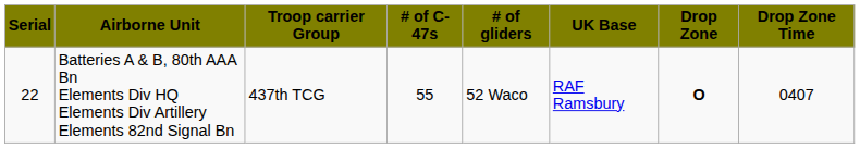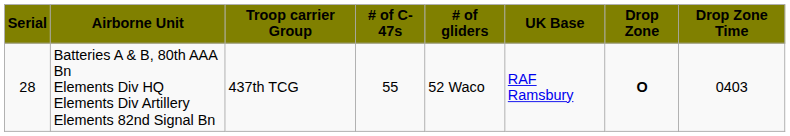 <table class="wikitable">
 <tr style="background: olive">
 <td align = center><span><strong>Serial</strong></span></td>
 <td align=center><span><strong>Airborne Unit</strong></span></td>
 <td align=center><span><strong>Troop carrier Group</strong></span></td>
 <td align=center><span><strong># of C-47s</strong></span></td>
 <td align=center><span><strong># of gliders</strong></span></td>
 <td align=center><span><strong>UK Base</strong></span></td>
 <td align=center><span><strong>Drop Zone</strong></span></td>
 <td align=center><span><strong>Drop Zone Time</strong></span></td>
 </tr>
 <tr>
-<td align = center>22</td>
+<td align = center>28</td>
 <td>Batteries A & B, 80th AAA Bn <br> Elements Div HQ <br> Elements Div Artillery <br> Elements 82nd Signal Bn</td>
 <td>437th TCG</td>
 <td align=center>55</td>
 <td>52 Waco</td>
 <td><a href='#'>RAF Ramsbury</a></td>
 <td align=center><strong>O</strong></td>
-<td align=center>0407</td>
+<td align=center>0403</td>
 </tr>
 </table>
